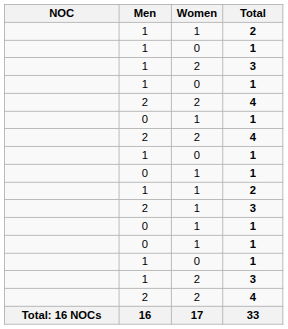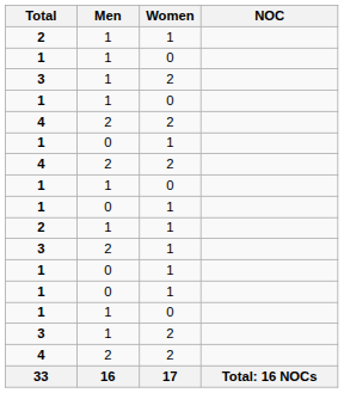 <table class="wikitable sortable" style="text-align:center; font-size:90%">
 <tr>
-<th width=140 align="left">NOC</th>
+<th width=70>Total</th>
 <th width=60>Men</th>
 <th width=60>Women</th>
-<th width=70>Total</th>
+<th width=140 align="left">NOC</th>
 </tr>
 <tr>
-<td align=left></td>
+<td><strong>2</strong></td>
 <td>1</td>
 <td>1</td>
-<td><strong>2</strong></td>
+<td align=left></td>
 </tr>
 <tr>
-<td align=left></td>
+<td><strong>1</strong></td>
 <td>1</td>
 <td>0</td>
-<td><strong>1</strong></td>
+<td align=left></td>
 </tr>
 <tr>
-<td align=left></td>
+<td><strong>3</strong></td>
 <td>1</td>
 <td>2</td>
-<td><strong>3</strong></td>
+<td align=left></td>
 </tr>
 <tr>
-<td align=left></td>
+<td><strong>1</strong></td>
 <td>1</td>
 <td>0</td>
-<td><strong>1</strong></td>
+<td align=left></td>
 </tr>
 <tr>
-<td align=left></td>
+<td><strong>4</strong></td>
 <td>2</td>
 <td>2</td>
-<td><strong>4</strong></td>
+<td align=left></td>
 </tr>
 <tr>
-<td align=left></td>
+<td><strong>1</strong></td>
 <td>0</td>
 <td>1</td>
-<td><strong>1</strong></td>
+<td align=left></td>
 </tr>
 <tr>
-<td align=left></td>
+<td><strong>4</strong></td>
 <td>2</td>
 <td>2</td>
-<td><strong>4</strong></td>
+<td align=left></td>
 </tr>
 <tr>
-<td align=left></td>
+<td><strong>1</strong></td>
 <td>1</td>
 <td>0</td>
-<td><strong>1</strong></td>
+<td align=left></td>
 </tr>
 <tr>
-<td align=left></td>
+<td><strong>1</strong></td>
 <td>0</td>
 <td>1</td>
-<td><strong>1</strong></td>
+<td align=left></td>
 </tr>
 <tr>
-<td align=left></td>
+<td><strong>2</strong></td>
 <td>1</td>
 <td>1</td>
-<td><strong>2</strong></td>
+<td align=left></td>
 </tr>
 <tr>
-<td align=left></td>
+<td><strong>3</strong></td>
 <td>2</td>
 <td>1</td>
-<td><strong>3</strong></td>
+<td align=left></td>
 </tr>
 <tr>
-<td align=left></td>
+<td><strong>1</strong></td>
 <td>0</td>
 <td>1</td>
-<td><strong>1</strong></td>
+<td align=left></td>
 </tr>
 <tr>
-<td align=left></td>
+<td><strong>1</strong></td>
 <td>0</td>
 <td>1</td>
-<td><strong>1</strong></td>
+<td align=left></td>
 </tr>
 <tr>
-<td align=left></td>
+<td><strong>1</strong></td>
 <td>1</td>
 <td>0</td>
-<td><strong>1</strong></td>
+<td align=left></td>
 </tr>
 <tr>
-<td align=left></td>
+<td><strong>3</strong></td>
 <td>1</td>
 <td>2</td>
-<td><strong>3</strong></td>
+<td align=left></td>
 </tr>
 <tr>
-<td align=left></td>
+<td><strong>4</strong></td>
 <td>2</td>
 <td>2</td>
-<td><strong>4</strong></td>
+<td align=left></td>
 </tr>
 <tr>
-<th>Total: 16 NOCs</th>
+<th>33</th>
 <th>16</th>
 <th>17</th>
-<th>33</th>
+<th>Total: 16 NOCs</th>
 </tr>
 </table>
